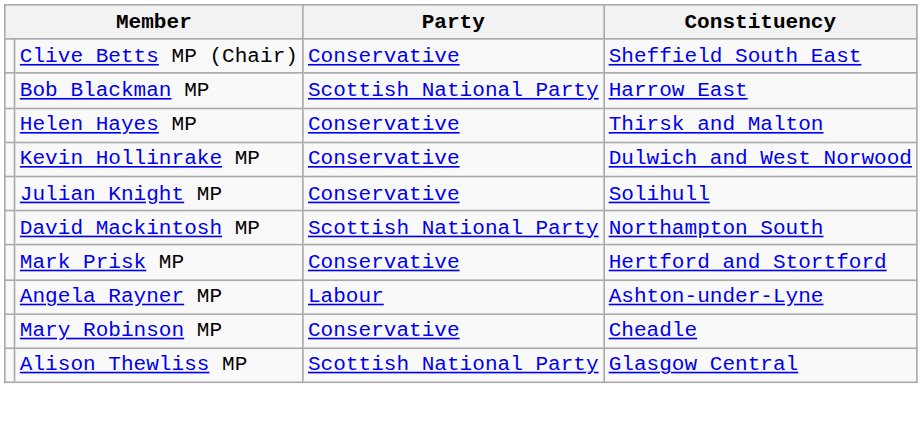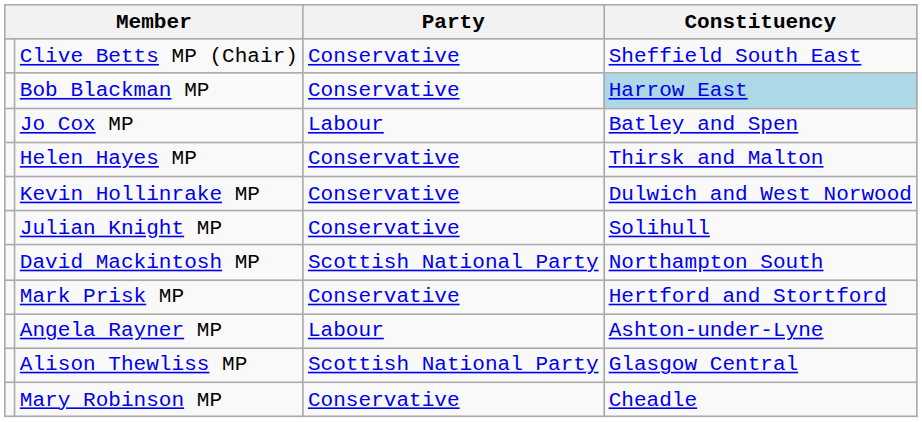 <table class="wikitable">
 <tr>
 <th colspan="2" valign="top">Member</th>
 <th valign="top">Party</th>
 <th valign="top">Constituency</th>
 </tr>
 <tr>
 <td style="color:inherit;background:"></td>
 <td><a href='#'>Clive Betts</a> MP (Chair)</td>
 <td><a href='#'>Conservative</a></td>
 <td><a href='#'>Sheffield South East</a></td>
 </tr>
 <tr>
 <td style="color:inherit;background:"></td>
 <td><a href='#'>Bob Blackman</a> MP</td>
-<td><a href='#'>Scottish National Party</a></td>
-<td><a href='#'>Harrow East</a></td>
+<td><a href='#'>Conservative</a></td>
+<td style="background: lightblue;"><a href='#'>Harrow East</a></td>
+</tr>
+<tr>
+<td style="color:inherit;background:"></td>
+<td><a href='#'>Jo Cox</a> MP</td>
+<td><a href='#'>Labour</a></td>
+<td><a href='#'>Batley and Spen</a></td>
 </tr>
 <tr>
 <td style="color:inherit;background:"></td>
 <td><a href='#'>Helen Hayes</a> MP</td>
 <td><a href='#'>Conservative</a></td>
 <td><a href='#'>Thirsk and Malton</a></td>
 </tr>
 <tr>
 <td style="color:inherit;background:"></td>
 <td><a href='#'>Kevin Hollinrake</a> MP</td>
 <td><a href='#'>Conservative</a></td>
 <td><a href='#'>Dulwich and West Norwood</a></td>
 </tr>
 <tr>
 <td style="color:inherit;background:"></td>
 <td><a href='#'>Julian Knight</a> MP</td>
 <td><a href='#'>Conservative</a></td>
 <td><a href='#'>Solihull</a></td>
 </tr>
 <tr>
 <td style="color:inherit;background:"></td>
 <td><a href='#'>David Mackintosh</a> MP</td>
 <td><a href='#'>Scottish National Party</a></td>
 <td><a href='#'>Northampton South</a></td>
 </tr>
 <tr>
 <td style="color:inherit;background:"></td>
 <td><a href='#'>Mark Prisk</a> MP</td>
 <td><a href='#'>Conservative</a></td>
 <td><a href='#'>Hertford and Stortford</a></td>
 </tr>
 <tr>
 <td style="color:inherit;background:"></td>
 <td><a href='#'>Angela Rayner</a> MP</td>
 <td><a href='#'>Labour</a></td>
 <td><a href='#'>Ashton-under-Lyne</a></td>
 </tr>
 <tr>
 <td style="color:inherit;background:"></td>
+<td><a href='#'>Alison Thewliss</a> MP</td>
+<td><a href='#'>Scottish National Party</a></td>
+<td><a href='#'>Glasgow Central</a></td>
+</tr>
+<tr>
+<td style="color:inherit;background:"></td>
 <td><a href='#'>Mary Robinson</a> MP</td>
 <td><a href='#'>Conservative</a></td>
 <td><a href='#'>Cheadle</a></td>
 </tr>
-<tr>
-<td style="color:inherit;background:"></td>
-<td><a href='#'>Alison Thewliss</a> MP</td>
-<td><a href='#'>Scottish National Party</a></td>
-<td><a href='#'>Glasgow Central</a></td>
-</tr>
 </table>
